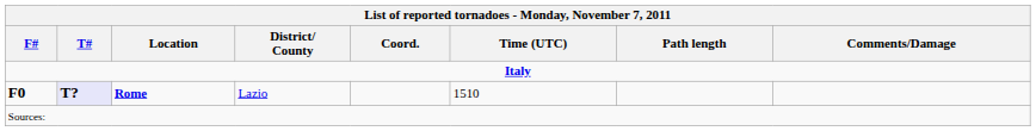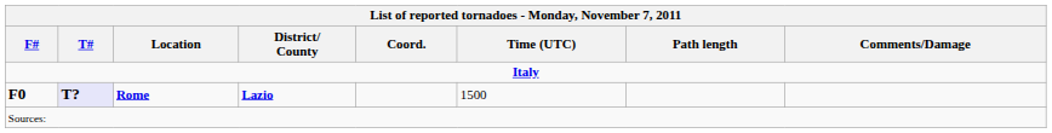 <table class="wikitable collapsible" width="100%">
 <tr>
 <th colspan="8">List of reported tornadoes - Monday, November 7, 2011</th>
 </tr>
 <tr>
 <th><a href='#'>F#</a></th>
 <th><a href='#'>T#</a></th>
 <th>Location</th>
 <th>District/<br>County</th>
 <th>Coord.</th>
 <th>Time (UTC)</th>
 <th>Path length</th>
 <th>Comments/Damage</th>
 </tr>
 <tr>
 <td colspan="8" align=center><strong><a href='#'>Italy</a></strong></td>
 </tr>
 <tr>
 <td><big><strong>F0</strong></big></td>
 <td style="background: lavender;"><big><strong>T?</strong></big></td>
 <td><strong><a href='#'>Rome</a></strong></td>
-<td><a href='#'>Lazio</a></td>
+<td><strong><a href='#'>Lazio</a></strong></td>
 <td></td>
-<td>1510</td>
+<td>1500</td>
 <td></td>
 <td></td>
 </tr>
 <tr>
 <td colspan="8"><small>Sources:  </small></td>
 </tr>
 </table>
